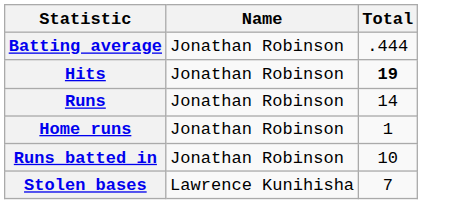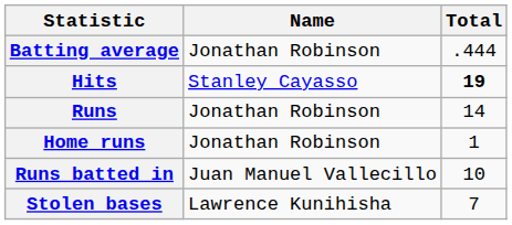 <table class="wikitable plainrowheaders">
 <tr>
 <th scope="col">Statistic</th>
 <th scope="col">Name</th>
 <th scope="col">Total</th>
 </tr>
 <tr>
 <th scope="row"><a href='#'>Batting average</a></th>
 <td> Jonathan Robinson</td>
 <td align=center>.444</td>
 </tr>
 <tr>
 <th scope="row"><a href='#'>Hits</a></th>
-<td> Jonathan Robinson</td>
+<td> <a href='#'>Stanley Cayasso</a></td>
 <td align=center><strong>19</strong></td>
 </tr>
 <tr>
 <th scope="row"><a href='#'>Runs</a></th>
 <td> Jonathan Robinson</td>
 <td align=center>14</td>
 </tr>
 <tr>
 <th scope="row"><a href='#'>Home runs</a></th>
 <td> Jonathan Robinson</td>
 <td align=center>1</td>
 </tr>
 <tr>
 <th scope="row"><a href='#'>Runs batted in</a></th>
-<td> Jonathan Robinson</td>
+<td> Juan Manuel Vallecillo</td>
 <td align=center>10</td>
 </tr>
 <tr>
 <th scope="row"><a href='#'>Stolen bases</a></th>
 <td> Lawrence Kunihisha</td>
 <td align=center>7</td>
 </tr>
 </table>
